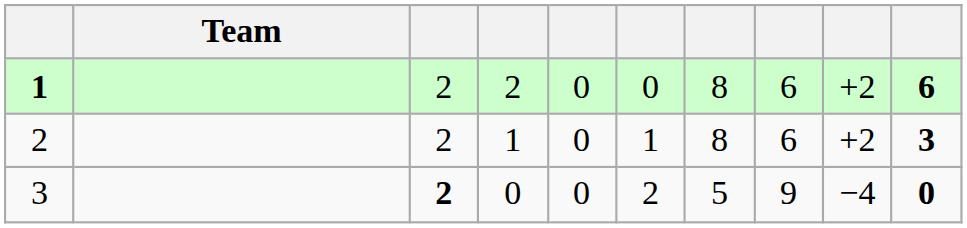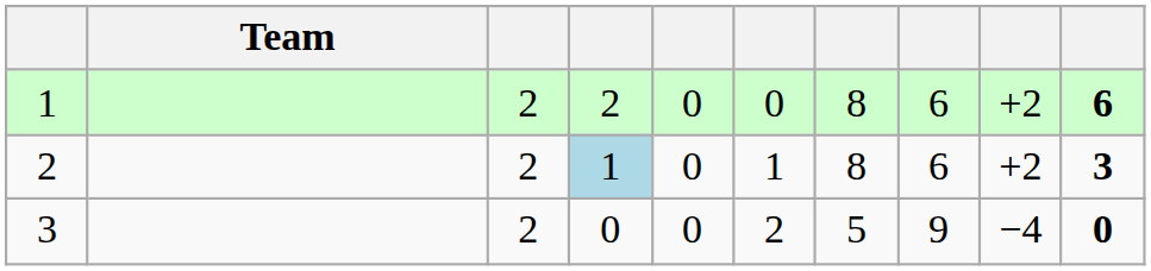 <table class="wikitable" style="text-align: center;">
 <tr>
 <th width="25"></th>
 <th width="150">Team</th>
 <th width="25"></th>
 <th width="25"></th>
 <th width="25"></th>
 <th width="25"></th>
 <th width="25"></th>
 <th width="25"></th>
 <th width="25"></th>
 <th width="25"></th>
 </tr>
 <tr align=center style="background:#ccffcc;">
-<td><strong>1</strong></td>
+<td>1</td>
 <td style="text-align:left;"><strong></strong></td>
 <td>2</td>
 <td>2</td>
 <td>0</td>
 <td>0</td>
 <td>8</td>
 <td>6</td>
 <td>+2</td>
 <td><strong>6</strong></td>
 </tr>
 <tr align=center>
 <td>2</td>
 <td style="text-align:left;"></td>
 <td>2</td>
-<td>1</td>
+<td style="background: lightblue;">1</td>
 <td>0</td>
 <td>1</td>
 <td>8</td>
 <td>6</td>
 <td>+2</td>
 <td><strong>3</strong></td>
 </tr>
 <tr align=center>
 <td>3</td>
 <td style="text-align:left;"></td>
-<td><strong>2</strong></td>
+<td>2</td>
 <td>0</td>
 <td>0</td>
 <td>2</td>
 <td>5</td>
 <td>9</td>
 <td>−4</td>
 <td><strong>0</strong></td>
 </tr>
 </table>
